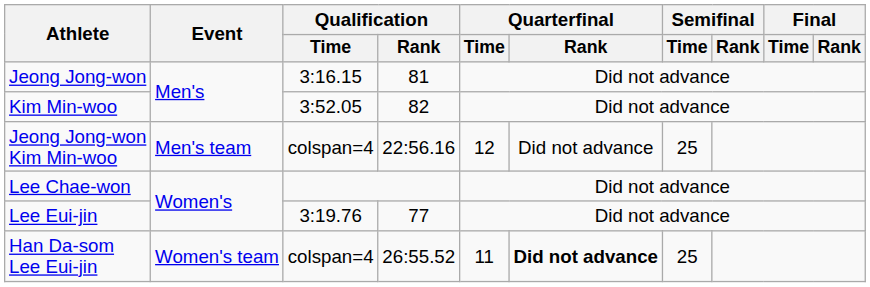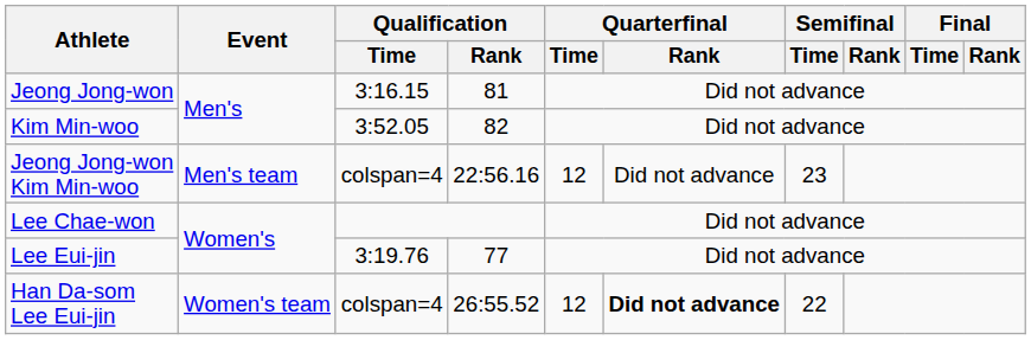 <table class=wikitable style=font-size:90%;text-align:center>
 <tr>
 <th rowspan=2>Athlete</th>
 <th rowspan=2>Event</th>
 <th colspan=2>Qualification</th>
 <th colspan=2>Quarterfinal</th>
 <th colspan=2>Semifinal</th>
 <th colspan=2>Final</th>
 </tr>
 <tr style=font-size:95%>
 <th>Time</th>
 <th>Rank</th>
 <th>Time</th>
 <th>Rank</th>
 <th>Time</th>
 <th>Rank</th>
 <th>Time</th>
 <th>Rank</th>
 </tr>
 <tr>
 <td align=left><a href='#'>Jeong Jong-won</a></td>
 <td align=left rowspan=2><a href='#'>Men's</a></td>
 <td>3:16.15</td>
 <td>81</td>
 <td colspan=6>Did not advance</td>
 </tr>
 <tr>
 <td align=left><a href='#'>Kim Min-woo</a></td>
 <td>3:52.05</td>
 <td>82</td>
 <td colspan=6>Did not advance</td>
 </tr>
 <tr>
 <td align=left><a href='#'>Jeong Jong-won</a><br><a href='#'>Kim Min-woo</a></td>
 <td align=left><a href='#'>Men's team</a></td>
 <td>colspan=4 </td>
 <td>22:56.16</td>
 <td>12</td>
 <td>Did not advance</td>
-<td>25</td>
+<td>23</td>
 </tr>
 <tr>
 <td align=left><a href='#'>Lee Chae-won</a></td>
 <td align=left rowspan=2><a href='#'>Women's</a></td>
 <td colspan=2></td>
 <td colspan=6>Did not advance</td>
 </tr>
 <tr>
 <td align=left><a href='#'>Lee Eui-jin</a></td>
 <td>3:19.76</td>
 <td>77</td>
 <td colspan=6>Did not advance</td>
 </tr>
 <tr>
 <td align=left><a href='#'>Han Da-som</a><br><a href='#'>Lee Eui-jin</a></td>
 <td align=left><a href='#'>Women's team</a></td>
 <td>colspan=4 </td>
 <td>26:55.52</td>
-<td>11</td>
+<td>12</td>
 <td><strong>Did not advance</strong></td>
-<td>25</td>
+<td>22</td>
 </tr>
 </table>
